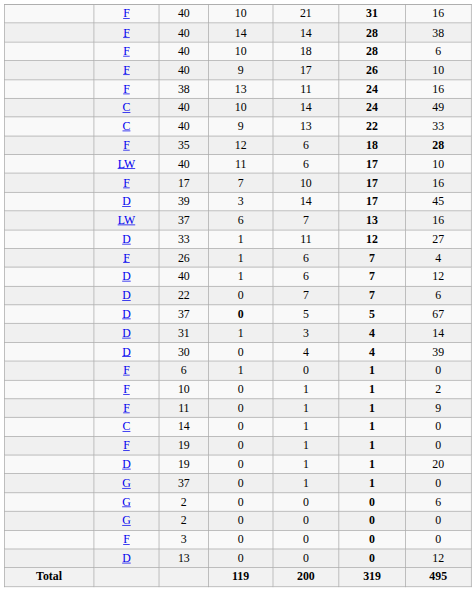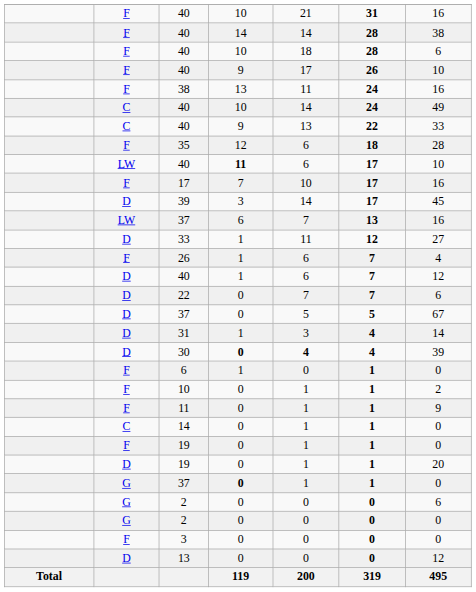 <table class="wikitable sortable" width ="50%">
 <tr align="center">
 </tr>
 <tr align="center" bgcolor="">
 <td></td>
 <td><a href='#'>F</a></td>
 <td>40</td>
 <td>10</td>
 <td>21</td>
 <td><strong>31</strong></td>
 <td>16</td>
 </tr>
 <tr align="center" bgcolor="f0f0f0">
 <td></td>
 <td><a href='#'>F</a></td>
 <td>40</td>
 <td>14</td>
 <td>14</td>
 <td><strong>28</strong></td>
 <td>38</td>
 </tr>
 <tr align="center" bgcolor="">
 <td></td>
 <td><a href='#'>F</a></td>
 <td>40</td>
 <td>10</td>
 <td>18</td>
 <td><strong>28</strong></td>
 <td>6</td>
 </tr>
 <tr align="center" bgcolor="f0f0f0">
 <td></td>
 <td><a href='#'>F</a></td>
 <td>40</td>
 <td>9</td>
 <td>17</td>
 <td><strong>26</strong></td>
 <td>10</td>
 </tr>
 <tr align="center" bgcolor="">
 <td></td>
 <td><a href='#'>F</a></td>
 <td>38</td>
 <td>13</td>
 <td>11</td>
 <td><strong>24</strong></td>
 <td>16</td>
 </tr>
 <tr align="center" bgcolor="f0f0f0">
 <td></td>
 <td><a href='#'>C</a></td>
 <td>40</td>
 <td>10</td>
 <td>14</td>
 <td><strong>24</strong></td>
 <td>49</td>
 </tr>
 <tr align="center" bgcolor="">
 <td></td>
 <td><a href='#'>C</a></td>
 <td>40</td>
 <td>9</td>
 <td>13</td>
 <td><strong>22</strong></td>
 <td>33</td>
 </tr>
 <tr align="center" bgcolor="f0f0f0">
 <td></td>
 <td><a href='#'>F</a></td>
 <td>35</td>
 <td>12</td>
 <td>6</td>
 <td><strong>18</strong></td>
-<td><strong>28</strong></td>
+<td>28</td>
 </tr>
 <tr align="center" bgcolor="">
 <td></td>
 <td><a href='#'>LW</a></td>
 <td>40</td>
-<td>11</td>
+<td><strong>11</strong></td>
 <td>6</td>
 <td><strong>17</strong></td>
 <td>10</td>
 </tr>
 <tr align="center" bgcolor="f0f0f0">
 <td></td>
 <td><a href='#'>F</a></td>
 <td>17</td>
 <td>7</td>
 <td>10</td>
 <td><strong>17</strong></td>
 <td>16</td>
 </tr>
 <tr align="center" bgcolor="">
 <td></td>
 <td><a href='#'>D</a></td>
 <td>39</td>
 <td>3</td>
 <td>14</td>
 <td><strong>17</strong></td>
 <td>45</td>
 </tr>
 <tr align="center" bgcolor="f0f0f0">
 <td></td>
 <td><a href='#'>LW</a></td>
 <td>37</td>
 <td>6</td>
 <td>7</td>
 <td><strong>13</strong></td>
 <td>16</td>
 </tr>
 <tr align="center" bgcolor="">
 <td></td>
 <td><a href='#'>D</a></td>
 <td>33</td>
 <td>1</td>
 <td>11</td>
 <td><strong>12</strong></td>
 <td>27</td>
 </tr>
 <tr align="center" bgcolor="f0f0f0">
 <td></td>
 <td><a href='#'>F</a></td>
 <td>26</td>
 <td>1</td>
 <td>6</td>
 <td><strong>7</strong></td>
 <td>4</td>
 </tr>
 <tr align="center" bgcolor="">
 <td></td>
 <td><a href='#'>D</a></td>
 <td>40</td>
 <td>1</td>
 <td>6</td>
 <td><strong>7</strong></td>
 <td>12</td>
 </tr>
 <tr align="center" bgcolor="f0f0f0">
 <td></td>
 <td><a href='#'>D</a></td>
 <td>22</td>
 <td>0</td>
 <td>7</td>
 <td><strong>7</strong></td>
 <td>6</td>
 </tr>
 <tr align="center" bgcolor="">
 <td></td>
 <td><a href='#'>D</a></td>
 <td>37</td>
-<td><strong>0</strong></td>
+<td>0</td>
 <td>5</td>
 <td><strong>5</strong></td>
 <td>67</td>
 </tr>
 <tr align="center" bgcolor="f0f0f0">
 <td></td>
 <td><a href='#'>D</a></td>
 <td>31</td>
 <td>1</td>
 <td>3</td>
 <td><strong>4</strong></td>
 <td>14</td>
 </tr>
 <tr align="center" bgcolor="">
 <td></td>
 <td><a href='#'>D</a></td>
 <td>30</td>
-<td>0</td>
-<td>4</td>
+<td><strong>0</strong></td>
+<td><strong>4</strong></td>
 <td><strong>4</strong></td>
 <td>39</td>
 </tr>
 <tr align="center" bgcolor="f0f0f0">
 <td></td>
 <td><a href='#'>F</a></td>
 <td>6</td>
 <td>1</td>
 <td>0</td>
 <td><strong>1</strong></td>
 <td>0</td>
 </tr>
 <tr align="center" bgcolor="">
 <td></td>
 <td><a href='#'>F</a></td>
 <td>10</td>
 <td>0</td>
 <td>1</td>
 <td><strong>1</strong></td>
 <td>2</td>
 </tr>
 <tr align="center" bgcolor="f0f0f0">
 <td></td>
 <td><a href='#'>F</a></td>
 <td>11</td>
 <td>0</td>
 <td>1</td>
 <td><strong>1</strong></td>
 <td>9</td>
 </tr>
 <tr align="center" bgcolor="">
 <td></td>
 <td><a href='#'>C</a></td>
 <td>14</td>
 <td>0</td>
 <td>1</td>
 <td><strong>1</strong></td>
 <td>0</td>
 </tr>
 <tr align="center" bgcolor="f0f0f0">
 <td></td>
 <td><a href='#'>F</a></td>
 <td>19</td>
 <td>0</td>
 <td>1</td>
 <td><strong>1</strong></td>
 <td>0</td>
 </tr>
 <tr align="center" bgcolor="">
 <td></td>
 <td><a href='#'>D</a></td>
 <td>19</td>
 <td>0</td>
 <td>1</td>
 <td><strong>1</strong></td>
 <td>20</td>
 </tr>
 <tr align="center" bgcolor="f0f0f0">
 <td></td>
 <td><a href='#'>G</a></td>
 <td>37</td>
-<td>0</td>
+<td><strong>0</strong></td>
 <td>1</td>
 <td><strong>1</strong></td>
 <td>0</td>
 </tr>
 <tr align="center" bgcolor="">
 <td></td>
 <td><a href='#'>G</a></td>
 <td>2</td>
 <td>0</td>
 <td>0</td>
 <td><strong>0</strong></td>
 <td>6</td>
 </tr>
 <tr align="center" bgcolor="f0f0f0">
 <td></td>
 <td><a href='#'>G</a></td>
 <td>2</td>
 <td>0</td>
 <td>0</td>
 <td><strong>0</strong></td>
 <td>0</td>
 </tr>
 <tr align="center" bgcolor="">
 <td></td>
 <td><a href='#'>F</a></td>
 <td>3</td>
 <td>0</td>
 <td>0</td>
 <td><strong>0</strong></td>
 <td>0</td>
 </tr>
 <tr align="center" bgcolor="f0f0f0">
 <td></td>
 <td><a href='#'>D</a></td>
 <td>13</td>
 <td>0</td>
 <td>0</td>
 <td><strong>0</strong></td>
 <td>12</td>
 </tr>
 <tr>
 <th>Total</th>
 <th></th>
 <th></th>
 <th>119</th>
 <th>200</th>
 <th>319</th>
 <th>495</th>
 </tr>
 </table>
